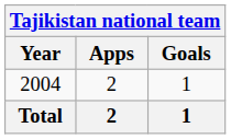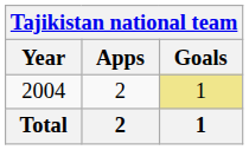 <table class="wikitable" style="text-align:center">
 <tr>
 <th colspan=3><a href='#'>Tajikistan national team</a></th>
 </tr>
 <tr>
 <th>Year</th>
 <th>Apps</th>
 <th>Goals</th>
 </tr>
 <tr>
 <td>2004</td>
 <td>2</td>
-<td>1</td>
+<td style="background: khaki;">1</td>
 </tr>
 <tr>
 <th>Total</th>
 <th>2</th>
 <th>1</th>
 </tr>
 </table>
